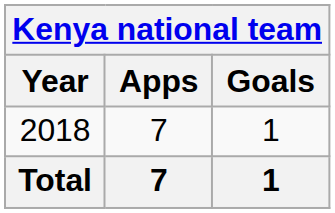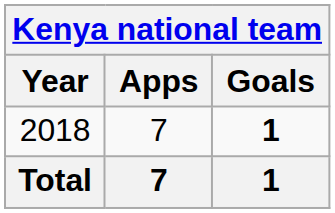 <table class="wikitable" style="text-align:center">
 <tr>
 <th colspan=3><a href='#'>Kenya national team</a></th>
 </tr>
 <tr>
 <th>Year</th>
 <th>Apps</th>
 <th>Goals</th>
 </tr>
 <tr>
 <td>2018</td>
 <td>7</td>
-<td>1</td>
+<td><strong>1</strong></td>
 </tr>
 <tr>
 <th>Total</th>
 <th>7</th>
 <th>1</th>
 </tr>
 </table>
